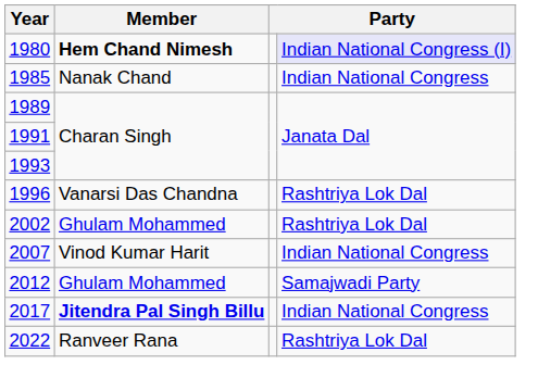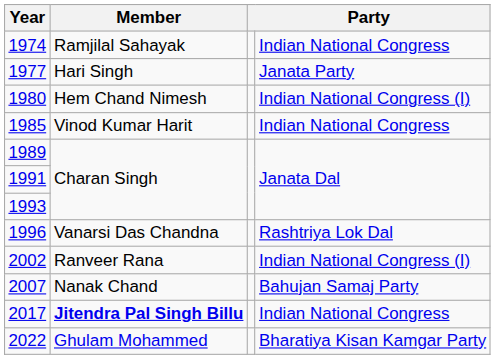 <table class="wikitable">
 <tr>
 <th>Year</th>
 <th>Member</th>
 <th colspan="2">Party</th>
 </tr>
 <tr>
+<td><a href='#'>1974</a></td>
+<td>Ramjilal Sahayak</td>
+<td style="background-color: "></td>
+<td><a href='#'>Indian National Congress</a></td>
+</tr>
+<tr>
+<td><a href='#'>1977</a></td>
+<td>Hari Singh</td>
+<td style="background-color: "></td>
+<td><a href='#'>Janata Party</a></td>
+</tr>
+<tr>
 <td><a href='#'>1980</a></td>
-<td><strong>Hem Chand Nimesh</strong></td>
+<td>Hem Chand Nimesh</td>
 <td style="background-color: "></td>
-<td style="background: lavender;"><a href='#'>Indian National Congress (I)</a></td>
+<td><a href='#'>Indian National Congress (I)</a></td>
 </tr>
 <tr>
 <td><a href='#'>1985</a></td>
-<td>Nanak Chand</td>
+<td>Vinod Kumar Harit</td>
 <td style="background-color: "></td>
 <td><a href='#'>Indian National Congress</a></td>
 </tr>
 <tr>
 <td><a href='#'>1989</a></td>
 <td rowspan="3">Charan Singh</td>
 <td rowspan="3" style="background-color: "></td>
 <td rowspan="3"><a href='#'>Janata Dal</a></td>
 </tr>
 <tr>
 <td><a href='#'>1991</a></td>
 </tr>
 <tr>
 <td><a href='#'>1993</a></td>
 </tr>
 <tr>
 <td><a href='#'>1996</a></td>
 <td>Vanarsi Das Chandna</td>
 <td style="background-color: "></td>
 <td><a href='#'>Rashtriya Lok Dal</a></td>
 </tr>
 <tr>
 <td><a href='#'>2002</a></td>
-<td><a href='#'>Ghulam Mohammed</a></td>
+<td>Ranveer Rana</td>
 <td style="background-color: "></td>
-<td><a href='#'>Rashtriya Lok Dal</a></td>
+<td><a href='#'>Indian National Congress (I)</a></td>
 </tr>
 <tr>
 <td><a href='#'>2007</a></td>
-<td>Vinod Kumar Harit</td>
+<td>Nanak Chand</td>
 <td style="background-color: "></td>
-<td><a href='#'>Indian National Congress</a></td>
-</tr>
-<tr>
-<td><a href='#'>2012</a></td>
-<td><a href='#'>Ghulam Mohammed</a></td>
-<td style="background-color: "></td>
-<td><a href='#'>Samajwadi Party</a></td>
+<td><a href='#'>Bahujan Samaj Party</a></td>
 </tr>
 <tr>
 <td><a href='#'>2017</a></td>
 <td><strong><a href='#'>Jitendra Pal Singh Billu</a></strong></td>
 <td style="background-color: "></td>
 <td><a href='#'>Indian National Congress</a></td>
 </tr>
 <tr>
 <td><a href='#'>2022</a></td>
-<td>Ranveer Rana</td>
+<td><a href='#'>Ghulam Mohammed</a></td>
 <td style="background-color: "></td>
-<td><a href='#'>Rashtriya Lok Dal</a></td>
+<td><a href='#'>Bharatiya Kisan Kamgar Party</a></td>
 </tr>
 </table>
